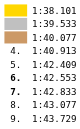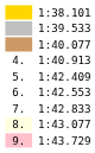 <table style="text-align:center">
 <tr>
 <td width=30 bgcolor=gold></td>
 <td align=left></td>
 <td>1:38.101</td>
 </tr>
 <tr>
 <td bgcolor=silver></td>
 <td align=left></td>
 <td>1:39.533</td>
 </tr>
 <tr>
 <td bgcolor=cc9966></td>
 <td align=left></td>
 <td>1:40.077</td>
 </tr>
 <tr>
 <td>4.</td>
 <td align=left></td>
 <td>1:40.913</td>
 </tr>
 <tr>
 <td>5.</td>
 <td align=left></td>
 <td>1:42.409</td>
 </tr>
 <tr>
-<td><strong>6.</strong></td>
+<td>6.</td>
 <td align=left></td>
 <td>1:42.553</td>
 </tr>
 <tr>
-<td><strong>7.</strong></td>
+<td>7.</td>
 <td align=left></td>
 <td>1:42.833</td>
 </tr>
 <tr>
-<td>8.</td>
+<td style="background: lightyellow;">8.</td>
 <td align=left></td>
 <td>1:43.077</td>
 </tr>
 <tr>
-<td>9.</td>
+<td style="background: pink;">9.</td>
 <td align=left></td>
 <td>1:43.729</td>
 </tr>
 </table>
